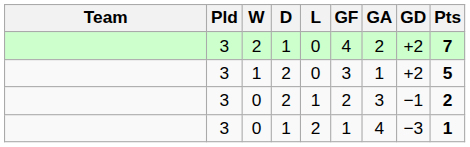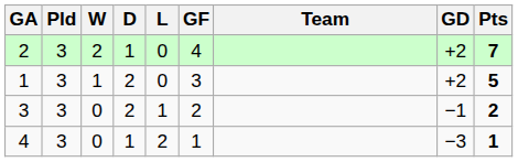 <table class="wikitable" style="text-align:center;">
 <tr>
-<th width=180>Team</th>
+<th width=20>GA</th>
 <th width=20>Pld</th>
 <th width=20>W</th>
 <th width=20>D</th>
 <th width=20>L</th>
 <th width=20>GF</th>
-<th width=20>GA</th>
+<th width=180>Team</th>
 <th width=20>GD</th>
 <th width=20>Pts</th>
 </tr>
 <tr bgcolor="#ccffcc">
-<td align="left"></td>
+<td>2</td>
 <td>3</td>
 <td>2</td>
 <td>1</td>
 <td>0</td>
 <td>4</td>
-<td>2</td>
+<td align="left"></td>
 <td>+2</td>
 <td><strong>7</strong></td>
 </tr>
 <tr>
-<td align="left"></td>
+<td>1</td>
 <td>3</td>
 <td>1</td>
 <td>2</td>
 <td>0</td>
 <td>3</td>
-<td>1</td>
+<td align="left"></td>
 <td>+2</td>
 <td><strong>5</strong></td>
 </tr>
 <tr>
-<td align="left"><em></em></td>
+<td>3</td>
 <td>3</td>
 <td>0</td>
 <td>2</td>
 <td>1</td>
 <td>2</td>
-<td>3</td>
+<td align="left"><em></em></td>
 <td>−1</td>
 <td><strong>2</strong></td>
 </tr>
 <tr>
-<td align="left"></td>
+<td>4</td>
 <td>3</td>
 <td>0</td>
 <td>1</td>
 <td>2</td>
 <td>1</td>
-<td>4</td>
+<td align="left"></td>
 <td>−3</td>
 <td><strong>1</strong></td>
 </tr>
 </table>
